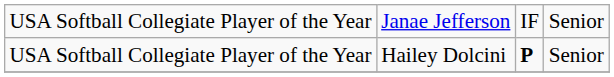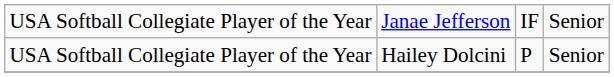 <table class="wikitable">
 <tr>
 <td>USA Softball Collegiate Player of the Year</td>
 <td><a href='#'>Janae Jefferson</a></td>
 <td>IF</td>
 <td>Senior</td>
 </tr>
 <tr>
 <td>USA Softball Collegiate Player of the Year</td>
 <td>Hailey Dolcini</td>
-<td><strong>P</strong></td>
+<td>P</td>
 <td>Senior</td>
 </tr>
 <tr>
 </tr>
 </table>
